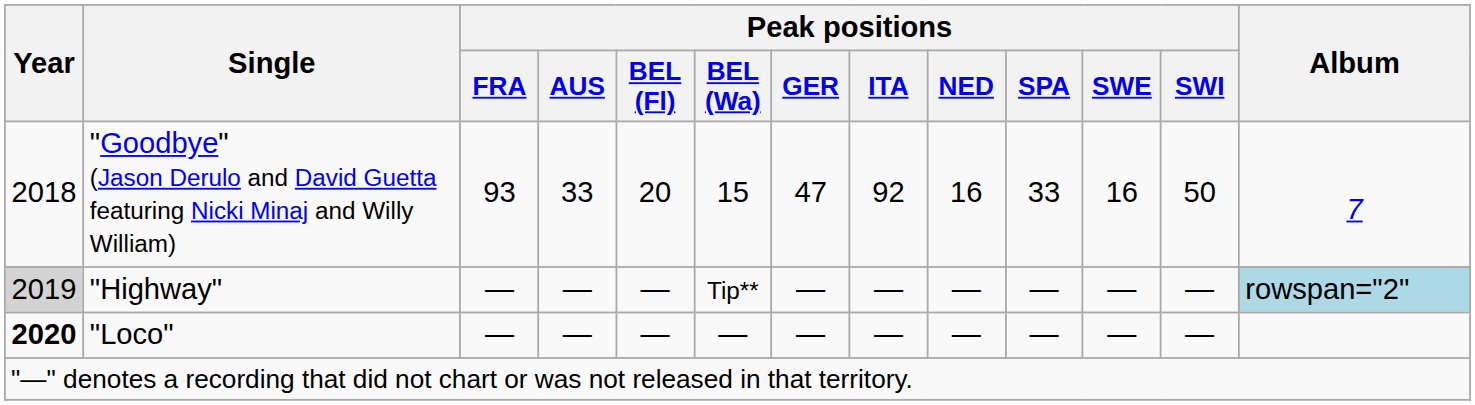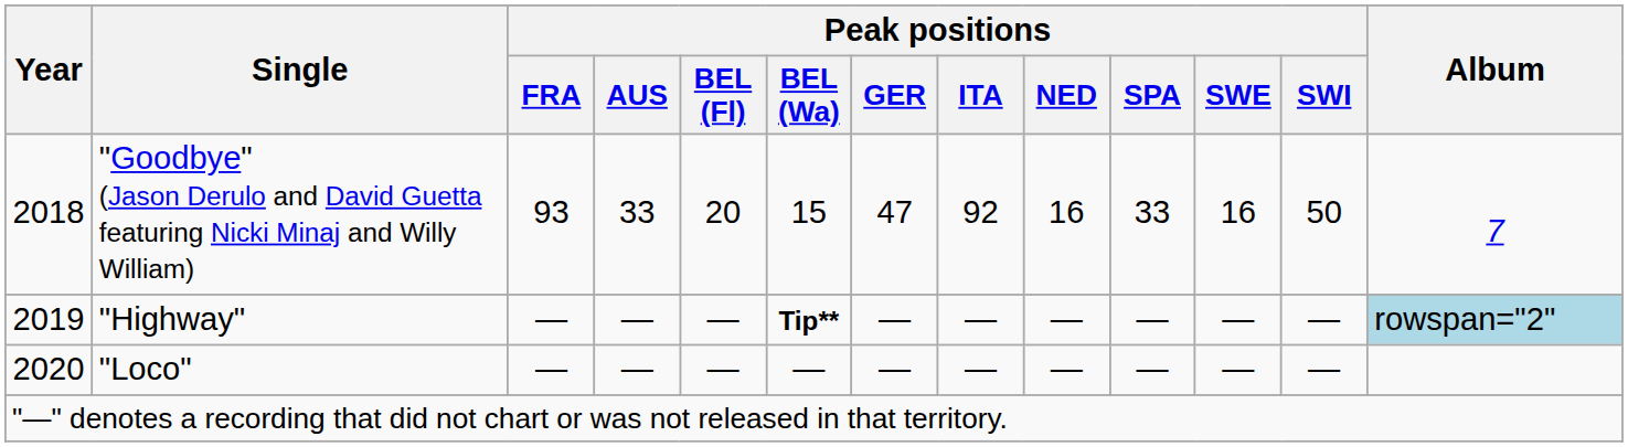 <table class="wikitable">
 <tr>
 <th align="center" rowspan="2" width="10">Year</th>
 <th align="center" rowspan="2" width="200">Single</th>
 <th align="center" colspan="10" width="30">Peak positions</th>
 <th align="center" rowspan="2" width="120">Album</th>
 </tr>
 <tr>
 <th scope="col" style="width:2.5em;font-size:90%;"><a href='#'>FRA</a><br></th>
 <th scope="col" style="width:2.5em;font-size:90%;"><a href='#'>AUS</a><br></th>
 <th scope="col" style="width:2.5em;font-size:90%;"><a href='#'>BEL<br>(Fl)</a><br></th>
 <th scope="col" style="width:2.5em;font-size:90%;"><a href='#'>BEL<br>(Wa)</a><br></th>
 <th scope="col" style="width:2.5em;font-size:90%;"><a href='#'>GER</a><br></th>
 <th scope="col" style="width:2.5em;font-size:90%;"><a href='#'>ITA</a><br></th>
 <th scope="col" style="width:2.5em;font-size:90%;"><a href='#'>NED</a><br></th>
 <th scope="col" style="width:2.5em;font-size:90%;"><a href='#'>SPA</a><br></th>
 <th scope="col" style="width:2.5em;font-size:90%;"><a href='#'>SWE</a><br></th>
 <th scope="col" style="width:2.5em;font-size:90%;"><a href='#'>SWI</a><br></th>
 </tr>
 <tr>
 <td align="center">2018</td>
 <td>"<a href='#'>Goodbye</a>"<br><small>(<a href='#'>Jason Derulo</a> and <a href='#'>David Guetta</a> <br>featuring <a href='#'>Nicki Minaj</a> and Willy William)</small></td>
 <td align="center">93</td>
 <td align="center">33</td>
 <td align="center">20</td>
 <td align="center">15</td>
 <td align="center">47</td>
 <td align="center">92</td>
 <td align="center">16</td>
 <td align="center">33</td>
 <td align="center">16</td>
 <td align="center">50</td>
 <td align="center"><br><em><a href='#'>7</a></em></td>
 </tr>
 <tr>
-<td align="center" style="background: lightgrey;">2019</td>
+<td align="center">2019</td>
 <td>"Highway" <br></td>
 <td align="center">—</td>
 <td align="center">—</td>
 <td align="center">—</td>
-<td align="center"><small>Tip**</small></td>
+<td align="center"><strong><small>Tip**</small></strong></td>
 <td align="center">—</td>
 <td align="center">—</td>
 <td align="center">—</td>
 <td align="center">—</td>
 <td align="center">—</td>
 <td align="center">—</td>
 <td style="background: lightblue;">rowspan="2" </td>
 </tr>
 <tr>
-<td><strong>2020</strong></td>
+<td>2020</td>
 <td>"Loco"<br></td>
 <td align="center">—</td>
 <td align="center">—</td>
 <td align="center">—</td>
 <td align="center">—</td>
 <td align="center">—</td>
 <td align="center">—</td>
 <td align="center">—</td>
 <td align="center">—</td>
 <td align="center">—</td>
 <td align="center">—</td>
 </tr>
 <tr>
 <td colspan="16" style="font-size:90%">"—" denotes a recording that did not chart or was not released in that territory.</td>
 </tr>
 </table>
